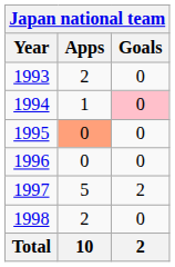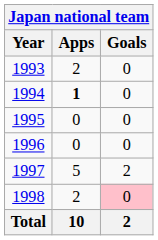 <table class="wikitable" style="text-align:center">
 <tr>
 <th colspan=3><a href='#'>Japan national team</a></th>
 </tr>
 <tr>
 <th>Year</th>
 <th>Apps</th>
 <th>Goals</th>
 </tr>
 <tr>
 <td><a href='#'>1993</a></td>
 <td>2</td>
 <td>0</td>
 </tr>
 <tr>
 <td><a href='#'>1994</a></td>
-<td>1</td>
-<td style="background: pink;">0</td>
+<td><strong>1</strong></td>
+<td>0</td>
 </tr>
 <tr>
 <td><a href='#'>1995</a></td>
-<td style="background: lightsalmon;">0</td>
+<td>0</td>
 <td>0</td>
 </tr>
 <tr>
 <td><a href='#'>1996</a></td>
 <td>0</td>
 <td>0</td>
 </tr>
 <tr>
 <td><a href='#'>1997</a></td>
 <td>5</td>
 <td>2</td>
 </tr>
 <tr>
 <td><a href='#'>1998</a></td>
 <td>2</td>
-<td>0</td>
+<td style="background: pink;">0</td>
 </tr>
 <tr>
 <th>Total</th>
 <th>10</th>
 <th>2</th>
 </tr>
 </table>
